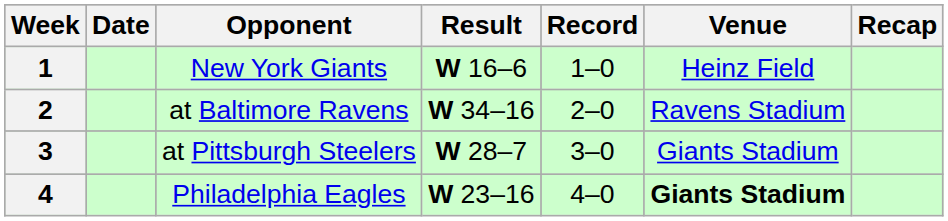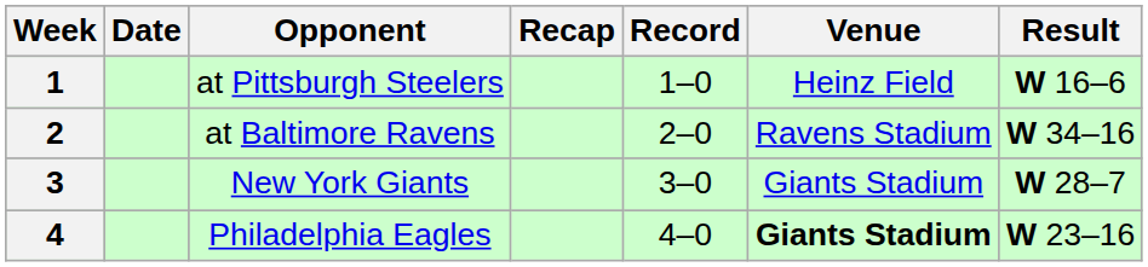 <table class="wikitable"style="text-align:center">
 <tr>
 <th>Week</th>
 <th>Date</th>
 <th>Opponent</th>
-<th>Result</th>
+<th>Recap</th>
 <th>Record</th>
 <th>Venue</th>
-<th>Recap</th>
+<th>Result</th>
 </tr>
 <tr style="background:#cfc">
 <th>1</th>
 <td></td>
-<td><a href='#'>New York Giants</a></td>
-<td><strong>W</strong> 16–6</td>
+<td>at <a href='#'>Pittsburgh Steelers</a></td>
+<td></td>
 <td>1–0</td>
 <td><a href='#'>Heinz Field</a></td>
-<td></td>
+<td><strong>W</strong> 16–6</td>
 </tr>
 <tr style="background:#cfc">
 <th>2</th>
 <td></td>
 <td>at <a href='#'>Baltimore Ravens</a></td>
-<td><strong>W</strong> 34–16</td>
+<td></td>
 <td>2–0</td>
 <td><a href='#'>Ravens Stadium</a></td>
-<td></td>
+<td><strong>W</strong> 34–16</td>
 </tr>
 <tr style="background:#cfc">
 <th>3</th>
 <td></td>
-<td>at <a href='#'>Pittsburgh Steelers</a></td>
-<td><strong>W</strong> 28–7</td>
+<td><a href='#'>New York Giants</a></td>
+<td></td>
 <td>3–0</td>
 <td><a href='#'>Giants Stadium</a></td>
-<td></td>
+<td><strong>W</strong> 28–7</td>
 </tr>
 <tr style="background:#cfc">
 <th>4</th>
 <td></td>
 <td><a href='#'>Philadelphia Eagles</a></td>
-<td><strong>W</strong> 23–16</td>
+<td></td>
 <td>4–0</td>
 <td><strong>Giants Stadium</strong></td>
-<td></td>
+<td><strong>W</strong> 23–16</td>
 </tr>
 </table>
